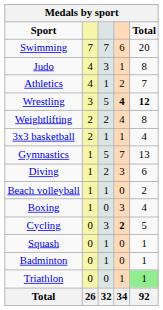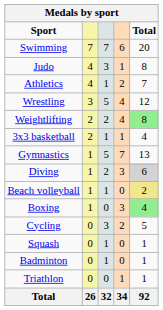 <table class="wikitable" style="font-size:85%; float:right">
 <tr bgcolor=#efefef>
 <th colspan=7>Medals by sport</th>
 </tr>
 <tr align=center>
 <td><strong>Sport</strong></td>
 <td bgcolor=#f7f6a8></td>
 <td bgcolor=#dce5e5></td>
 <td bgcolor=#ffdab9></td>
 <td><strong>Total</strong></td>
 </tr>
 <tr align=center>
 <td><a href='#'>Swimming</a></td>
 <td bgcolor=#f7f6a8>7</td>
 <td bgcolor=#dce5e5>7</td>
 <td bgcolor=#ffdab9>6</td>
 <td>20</td>
 </tr>
 <tr align=center>
 <td><a href='#'>Judo</a></td>
 <td bgcolor=#f7f6a8>4</td>
 <td bgcolor=#dce5e5>3</td>
 <td bgcolor=#ffdab9>1</td>
 <td>8</td>
 </tr>
 <tr align=center>
 <td><a href='#'>Athletics</a></td>
 <td bgcolor=#f7f6a8>4</td>
 <td bgcolor=#dce5e5>1</td>
 <td bgcolor=#ffdab9>2</td>
 <td>7</td>
 </tr>
 <tr align=center>
 <td><a href='#'>Wrestling</a></td>
 <td bgcolor=#f7f6a8>3</td>
 <td bgcolor=#dce5e5>5</td>
-<td bgcolor=#ffdab9><strong>4</strong></td>
-<td><strong>12</strong></td>
+<td bgcolor=#ffdab9>4</td>
+<td>12</td>
 </tr>
 <tr align=center>
 <td><a href='#'>Weightlifting</a></td>
 <td bgcolor=#f7f6a8>2</td>
 <td bgcolor=#dce5e5>2</td>
 <td bgcolor=#ffdab9>4</td>
-<td>8</td>
+<td style="background: lightgreen;">8</td>
 </tr>
 <tr align=center>
 <td><a href='#'>3x3 basketball</a></td>
 <td bgcolor=#f7f6a8>2</td>
 <td bgcolor=#dce5e5>1</td>
 <td bgcolor=#ffdab9>1</td>
 <td>4</td>
 </tr>
 <tr align=center>
 <td><a href='#'>Gymnastics</a></td>
 <td bgcolor=#f7f6a8>1</td>
 <td bgcolor=#dce5e5>5</td>
 <td bgcolor=#ffdab9>7</td>
 <td>13</td>
 </tr>
 <tr align=center>
 <td><a href='#'>Diving</a></td>
 <td bgcolor=#f7f6a8>1</td>
 <td bgcolor=#dce5e5>2</td>
 <td bgcolor=#ffdab9>3</td>
-<td>6</td>
+<td style="background: lightgrey;">6</td>
 </tr>
 <tr align=center>
 <td><a href='#'>Beach volleyball</a></td>
 <td bgcolor=#f7f6a8>1</td>
 <td bgcolor=#dce5e5>1</td>
 <td bgcolor=#ffdab9>0</td>
-<td>2</td>
+<td style="background: khaki;">2</td>
 </tr>
 <tr align=center>
 <td><a href='#'>Boxing</a></td>
 <td bgcolor=#f7f6a8>1</td>
 <td bgcolor=#dce5e5>0</td>
 <td bgcolor=#ffdab9>3</td>
-<td>4</td>
+<td style="background: lightgreen;">4</td>
 </tr>
 <tr align=center>
 <td><a href='#'>Cycling</a></td>
 <td bgcolor=#f7f6a8>0</td>
 <td bgcolor=#dce5e5>3</td>
-<td bgcolor=#ffdab9><strong>2</strong></td>
+<td bgcolor=#ffdab9>2</td>
 <td>5</td>
 </tr>
 <tr align=center>
 <td><a href='#'>Squash</a></td>
 <td bgcolor=#f7f6a8>0</td>
 <td bgcolor=#dce5e5>1</td>
 <td bgcolor=#ffdab9>0</td>
 <td>1</td>
 </tr>
 <tr align=center>
 <td><a href='#'>Badminton</a></td>
 <td bgcolor=#f7f6a8>0</td>
 <td bgcolor=#dce5e5>1</td>
 <td bgcolor=#ffdab9>0</td>
 <td>1</td>
 </tr>
 <tr align=center>
 <td><a href='#'>Triathlon</a></td>
 <td bgcolor=#f7f6a8>0</td>
 <td bgcolor=#dce5e5>0</td>
 <td bgcolor=#ffdab9>1</td>
-<td style="background: lightgreen;">1</td>
+<td>1</td>
 </tr>
 <tr align=center>
 <th>Total</th>
 <th bgcolor=gold>26</th>
 <th bgcolor=silver>32</th>
 <th bgcolor=#c96>34</th>
 <th>92</th>
 </tr>
 </table>
